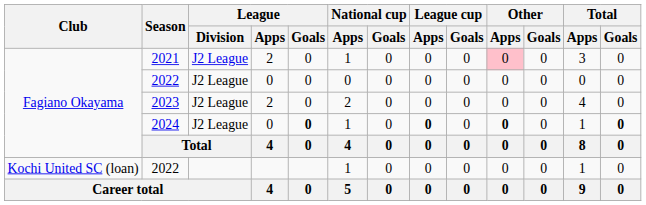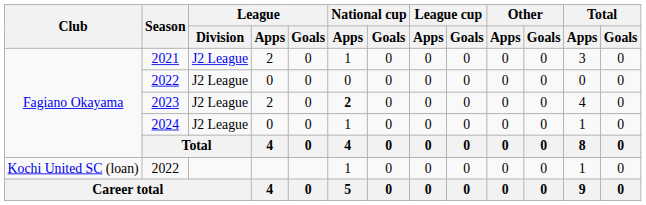 <table class="wikitable" style="text-align:center">
 <tr>
 <th rowspan="2">Club</th>
 <th rowspan="2">Season</th>
 <th colspan="3">League</th>
 <th colspan="2">National cup</th>
 <th colspan="2">League cup</th>
 <th colspan="2">Other</th>
 <th colspan="2">Total</th>
 </tr>
 <tr>
 <th>Division</th>
 <th>Apps</th>
 <th>Goals</th>
 <th>Apps</th>
 <th>Goals</th>
 <th>Apps</th>
 <th>Goals</th>
 <th>Apps</th>
 <th>Goals</th>
 <th>Apps</th>
 <th>Goals</th>
 </tr>
 <tr>
 <td rowspan="5"><a href='#'>Fagiano Okayama</a></td>
 <td><a href='#'>2021</a></td>
 <td><a href='#'>J2 League</a></td>
 <td>2</td>
 <td>0</td>
 <td>1</td>
 <td>0</td>
 <td>0</td>
 <td>0</td>
-<td style="background: pink;">0</td>
+<td>0</td>
 <td>0</td>
 <td>3</td>
 <td>0</td>
 </tr>
 <tr>
 <td><a href='#'>2022</a></td>
 <td>J2 League</td>
 <td>0</td>
 <td>0</td>
 <td>0</td>
 <td>0</td>
 <td>0</td>
 <td>0</td>
 <td>0</td>
 <td>0</td>
 <td>0</td>
 <td>0</td>
 </tr>
 <tr>
 <td><a href='#'>2023</a></td>
 <td>J2 League</td>
 <td>2</td>
 <td>0</td>
-<td>2</td>
+<td><strong>2</strong></td>
 <td>0</td>
 <td>0</td>
 <td>0</td>
 <td>0</td>
 <td>0</td>
 <td>4</td>
 <td>0</td>
 </tr>
 <tr>
 <td><a href='#'>2024</a></td>
 <td>J2 League</td>
 <td>0</td>
-<td><strong>0</strong></td>
+<td>0</td>
 <td>1</td>
 <td>0</td>
-<td><strong>0</strong></td>
 <td>0</td>
-<td><strong>0</strong></td>
+<td>0</td>
+<td>0</td>
 <td>0</td>
 <td>1</td>
-<td><strong>0</strong></td>
+<td>0</td>
 </tr>
 <tr>
 <th colspan="2">Total</th>
 <th>4</th>
 <th>0</th>
 <th>4</th>
 <th>0</th>
 <th>0</th>
 <th>0</th>
 <th>0</th>
 <th>0</th>
 <th>8</th>
 <th>0</th>
 </tr>
 <tr>
 <td><a href='#'>Kochi United SC</a> (loan)</td>
 <td>2022</td>
 <td></td>
 <td></td>
 <td></td>
 <td>1</td>
 <td>0</td>
 <td>0</td>
 <td>0</td>
 <td>0</td>
 <td>0</td>
 <td>1</td>
 <td>0</td>
 </tr>
 <tr>
 <th colspan="3">Career total</th>
 <th>4</th>
 <th>0</th>
 <th>5</th>
 <th>0</th>
 <th>0</th>
 <th>0</th>
 <th>0</th>
 <th>0</th>
 <th>9</th>
 <th>0</th>
 </tr>
 </table>
